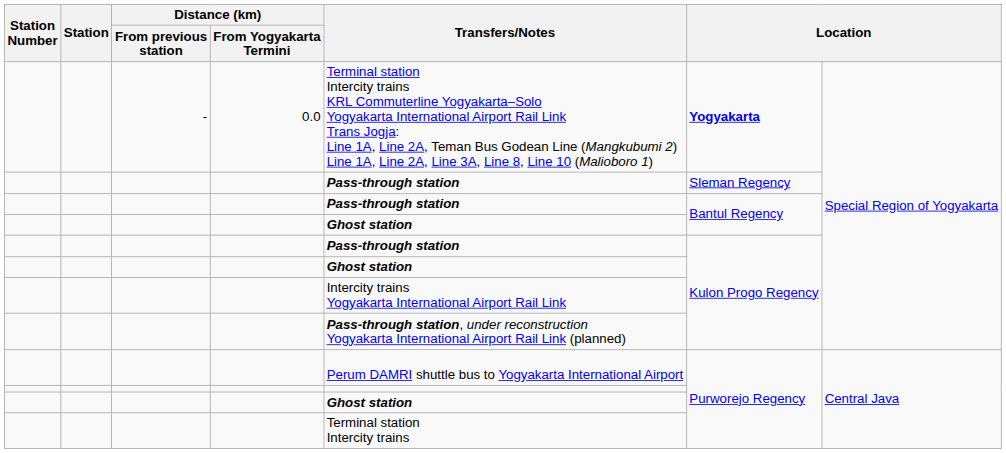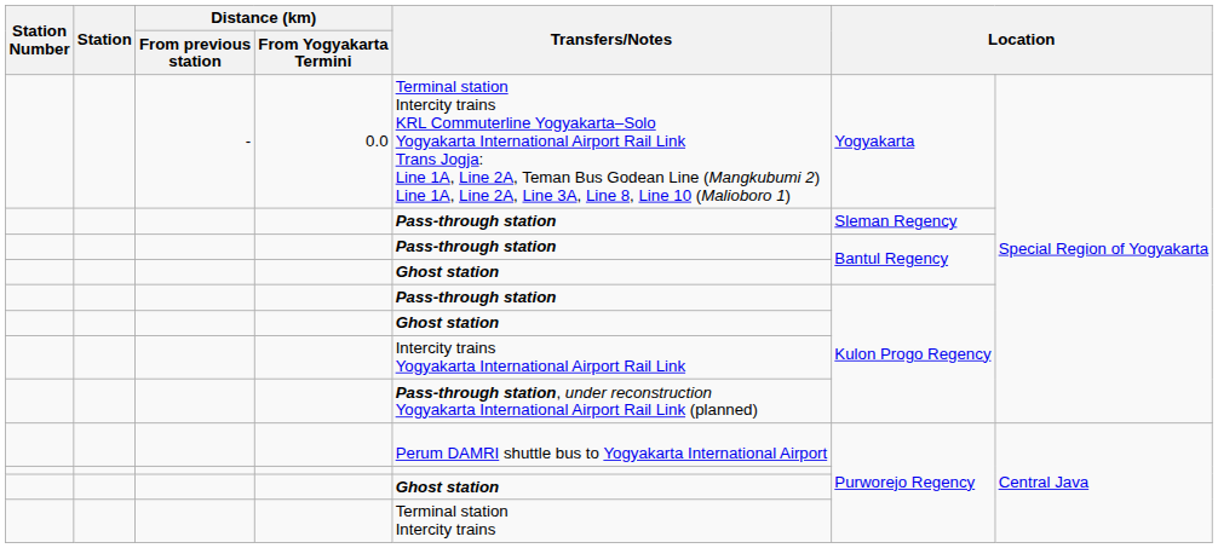 <table rules="all" class="wikitable">
 <tr>
 <th rowspan="2">Station<br>Number</th>
 <th rowspan="2">Station</th>
 <th style="width: 5em;" colspan="2">Distance (km)</th>
 <th rowspan="2">Transfers/Notes</th>
 <th rowspan="2" colspan="2">Location</th>
 </tr>
 <tr>
 <th>From previous<br>station</th>
 <th>From Yogyakarta<br>Termini</th>
 </tr>
 <tr>
 <td><br><br><br></td>
 <td></td>
 <td style="text-align: right;">-</td>
 <td style="text-align: right;">0.0</td>
 <td><a href='#'>Terminal station</a><br> Intercity trains<br> <a href='#'>KRL Commuterline Yogyakarta–Solo</a><br> <a href='#'>Yogyakarta International Airport Rail Link</a><br> <a href='#'>Trans Jogja</a>:<br> <a href='#'>Line 1A</a>, <a href='#'>Line 2A</a>, Teman Bus Godean Line (<em>Mangkubumi 2</em>)<br> <a href='#'>Line 1A</a>, <a href='#'>Line 2A</a>, <a href='#'>Line 3A</a>, <a href='#'>Line 8</a>, <a href='#'>Line 10</a> (<em>Malioboro 1</em>)</td>
-<td rowspan="1"><strong><a href='#'>Yogyakarta</a></strong></td>
+<td rowspan="1"><a href='#'>Yogyakarta</a></td>
 <td rowspan="8"><a href='#'>Special Region of Yogyakarta</a></td>
 </tr>
 <tr>
 <td></td>
 <td></td>
 <td style="text-align: right;"></td>
 <td style="text-align: right;"></td>
 <td><strong><em>Pass-through station</em></strong></td>
 <td><a href='#'>Sleman Regency</a></td>
 </tr>
 <tr>
 <td></td>
 <td></td>
 <td style="text-align: right;"></td>
 <td style="text-align: right;"></td>
 <td><strong><em>Pass-through station</em></strong></td>
 <td rowspan="2"><a href='#'>Bantul Regency</a></td>
 </tr>
 <tr>
 <td></td>
 <td></td>
 <td style="text-align: right;"></td>
 <td style="text-align: right;"></td>
 <td><strong><em>Ghost station</em></strong></td>
 </tr>
 <tr>
 <td></td>
 <td></td>
 <td style="text-align: right;"></td>
 <td style="text-align: right;"></td>
 <td><strong><em>Pass-through station</em></strong></td>
 <td rowspan="4"><a href='#'>Kulon Progo Regency</a></td>
 </tr>
 <tr>
 <td></td>
 <td></td>
 <td style="text-align: right;"></td>
 <td style="text-align: right;"></td>
 <td><strong><em>Ghost station</em></strong></td>
 </tr>
 <tr>
 <td><br><br></td>
 <td></td>
 <td style="text-align: right;"></td>
 <td style="text-align: right;"></td>
 <td> Intercity trains<br> <a href='#'>Yogyakarta International Airport Rail Link</a></td>
 </tr>
 <tr>
 <td><br></td>
 <td></td>
 <td style="text-align: right;"></td>
 <td style="text-align: right;"></td>
 <td><strong><em>Pass-through station</em></strong>, <em>under reconstruction</em><br> <a href='#'>Yogyakarta International Airport Rail Link</a> (planned)</td>
 </tr>
 <tr>
 <td></td>
 <td></td>
 <td style="text-align: right;"></td>
 <td style="text-align: right;"></td>
 <td><br>  <a href='#'>Perum DAMRI</a> shuttle bus to <a href='#'>Yogyakarta International Airport</a></td>
 <td rowspan="4"><a href='#'>Purworejo Regency</a></td>
 <td rowspan="4"><a href='#'>Central Java</a></td>
 </tr>
 <tr>
 <td></td>
 <td></td>
 <td style="text-align: right;"></td>
 <td style="text-align: right;"></td>
 <td></td>
 </tr>
 <tr>
 <td></td>
 <td></td>
 <td style="text-align: right;"></td>
 <td style="text-align: right;"></td>
 <td><strong><em>Ghost station</em></strong></td>
 </tr>
 <tr>
 <td><br></td>
 <td></td>
 <td style="text-align: right;"></td>
 <td style="text-align: right;"></td>
 <td>Terminal station<br> Intercity trains</td>
 </tr>
 </table>
